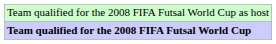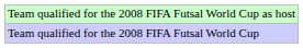 <table class="wikitable" style="text-algin: left;">
 <tr bgcolor=#ccffcc>
 <td>Team qualified for the 2008 FIFA Futsal World Cup as host</td>
 </tr>
 <tr bgcolor=#ccccff>
-<td><strong>Team qualified for the 2008 FIFA Futsal World Cup</strong></td>
+<td>Team qualified for the 2008 FIFA Futsal World Cup</td>
 </tr>
 </table>
